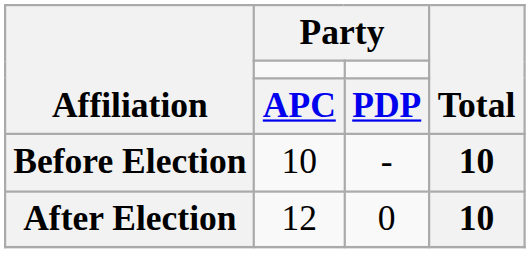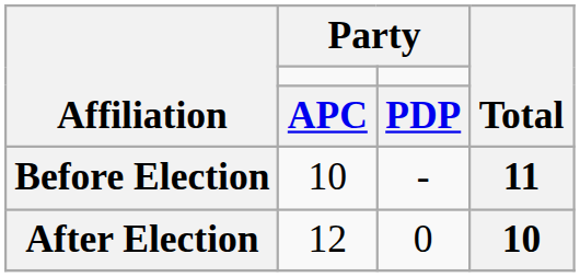 <table class=wikitable style="text-align:center">
 <tr style="vertical-align:bottom;">
 <th rowspan=3>Affiliation</th>
 <th colspan=2>Party</th>
 <th rowspan=3>Total</th>
 </tr>
 <tr>
 <td style="background-color:"></td>
 <td style="background-color:"></td>
 </tr>
 <tr>
 <th><a href='#'>APC</a></th>
 <th><a href='#'>PDP</a></th>
 </tr>
 <tr>
 <th>Before Election</th>
 <td>10</td>
 <td>-</td>
-<th>10</th>
+<th>11</th>
 </tr>
 <tr>
 <th>After Election</th>
 <td>12</td>
 <td>0</td>
 <th>10</th>
 </tr>
 <tr>
 </tr>
 </table>
